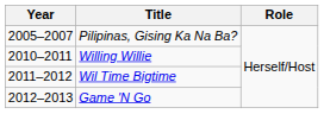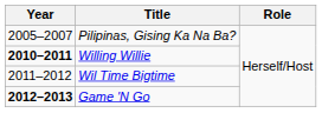 <table class="wikitable">
 <tr>
 <th>Year</th>
 <th>Title</th>
 <th>Role</th>
 </tr>
 <tr>
 <td>2005–2007</td>
 <td><em>Pilipinas, Gising Ka Na Ba?</em></td>
 <td rowspan="4">Herself/Host</td>
 </tr>
 <tr>
-<td>2010–2011</td>
+<td><strong>2010–2011</strong></td>
 <td><em><a href='#'>Willing Willie</a></em></td>
 </tr>
 <tr>
 <td>2011–2012</td>
 <td><em><a href='#'>Wil Time Bigtime</a></em></td>
 </tr>
 <tr>
-<td>2012–2013</td>
+<td><strong>2012–2013</strong></td>
 <td><em><a href='#'>Game 'N Go</a></em></td>
 </tr>
 </table>
